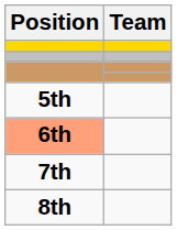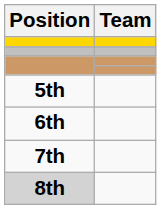 <table class="wikitable" style="text-align: center;">
 <tr>
 <th>Position</th>
 <th>Team</th>
 </tr>
 <tr style="background:gold;">
 <td><strong></strong></td>
 <td align=left></td>
 </tr>
 <tr style="background:silver;">
 <td><strong></strong></td>
 <td align=left></td>
 </tr>
 <tr style="background:#c96;">
 <td rowspan=2><strong></strong></td>
 <td align=left></td>
 </tr>
 <tr style="background:#c96;">
 <td align=left></td>
 </tr>
 <tr>
 <td><strong>5th</strong></td>
 <td align=left></td>
 </tr>
 <tr>
-<td style="background: lightsalmon;"><strong>6th</strong></td>
+<td><strong>6th</strong></td>
 <td align=left></td>
 </tr>
 <tr>
 <td><strong>7th</strong></td>
 <td align=left></td>
 </tr>
 <tr>
-<td><strong>8th</strong></td>
+<td style="background: lightgrey;"><strong>8th</strong></td>
 <td align=left></td>
 </tr>
 </table>
